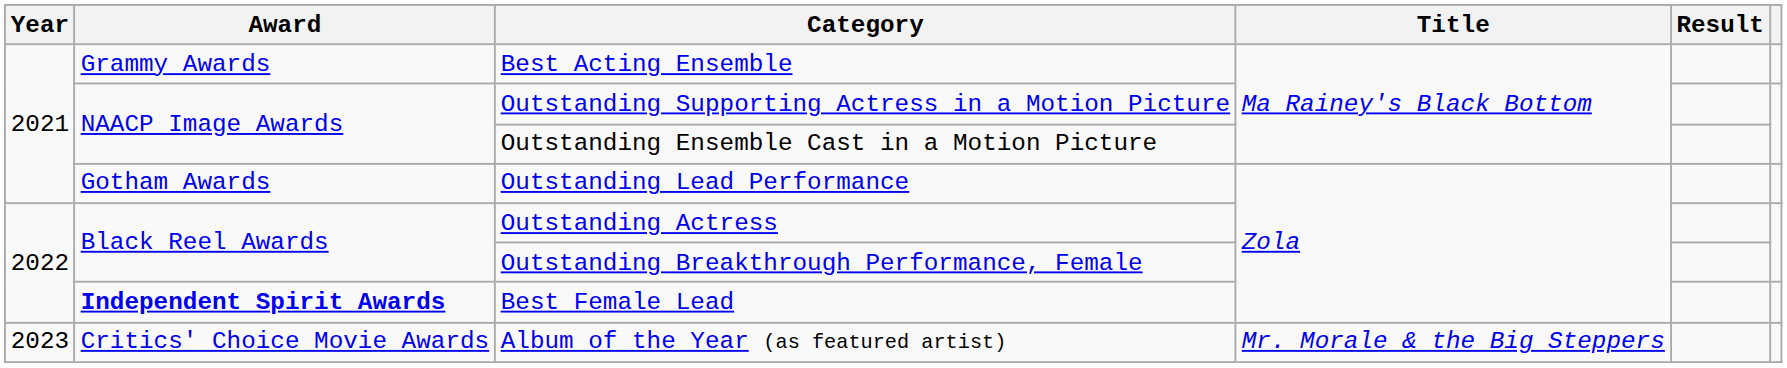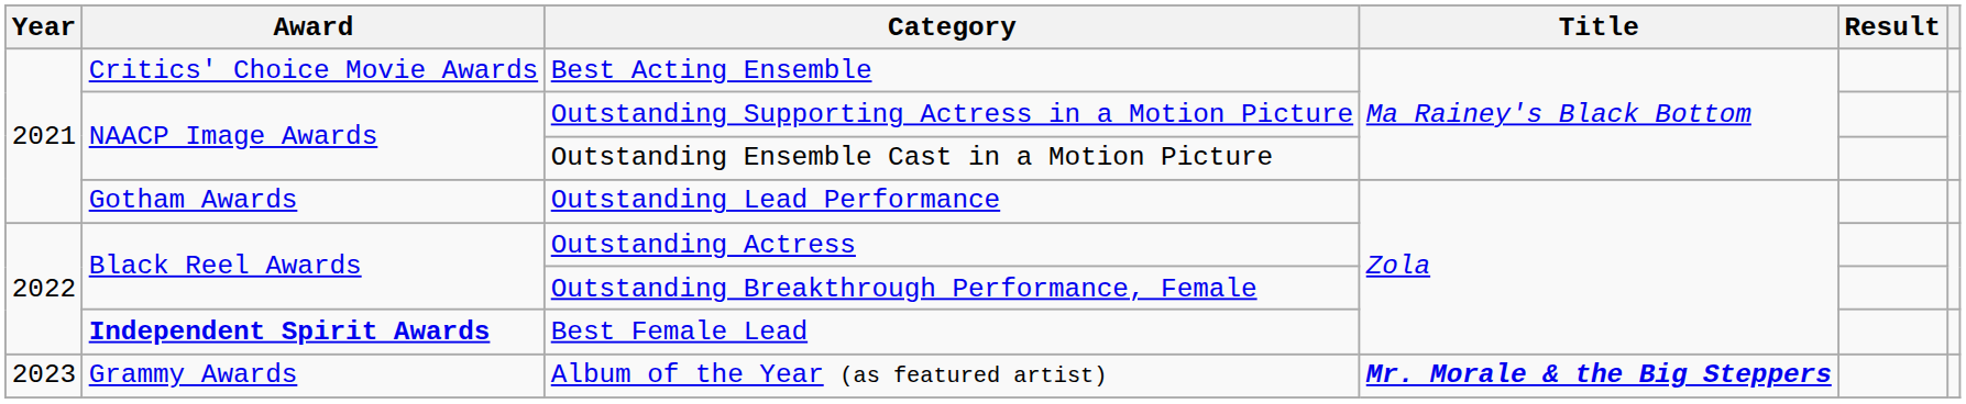 <table class="wikitable plainrowheaders unsortable">
 <tr>
 <th>Year</th>
 <th>Award</th>
 <th>Category</th>
 <th>Title</th>
 <th>Result</th>
 <th></th>
 </tr>
 <tr>
 <td align="center" rowspan="4">2021</td>
-<td><a href='#'>Grammy Awards</a></td>
+<td><a href='#'>Critics' Choice Movie Awards</a></td>
 <td><a href='#'>Best Acting Ensemble</a></td>
 <td rowspan="3"><em><a href='#'>Ma Rainey's Black Bottom</a></em></td>
 <td></td>
 <td align="center"></td>
 </tr>
 <tr>
 <td rowspan="2"><a href='#'>NAACP Image Awards</a></td>
 <td><a href='#'>Outstanding Supporting Actress in a Motion Picture</a></td>
 <td></td>
 <td align="center" rowspan="2"><br></td>
 </tr>
 <tr>
 <td>Outstanding Ensemble Cast in a Motion Picture</td>
 <td></td>
 </tr>
 <tr>
 <td><a href='#'>Gotham Awards</a></td>
 <td><a href='#'>Outstanding Lead Performance</a></td>
 <td rowspan="4"><em><a href='#'>Zola</a></em></td>
 <td></td>
 <td align="center"></td>
 </tr>
 <tr>
 <td align="center" rowspan="3">2022</td>
 <td rowspan="2"><a href='#'>Black Reel Awards</a></td>
 <td><a href='#'>Outstanding Actress</a></td>
 <td></td>
 <td align="center" rowspan="2"></td>
 </tr>
 <tr>
 <td><a href='#'>Outstanding Breakthrough Performance, Female</a></td>
 <td></td>
 </tr>
 <tr>
 <td><strong><a href='#'>Independent Spirit Awards</a></strong></td>
 <td><a href='#'>Best Female Lead</a></td>
 <td></td>
 <td align="center"></td>
 </tr>
 <tr>
 <td align="center">2023</td>
-<td><a href='#'>Critics' Choice Movie Awards</a></td>
+<td><a href='#'>Grammy Awards</a></td>
 <td><a href='#'>Album of the Year</a> <small>(as featured artist)</small></td>
-<td><em><a href='#'>Mr. Morale & the Big Steppers</a></em></td>
+<td><strong><em><a href='#'>Mr. Morale & the Big Steppers</a></em></strong></td>
 <td></td>
 <td align="center"></td>
 </tr>
 </table>
